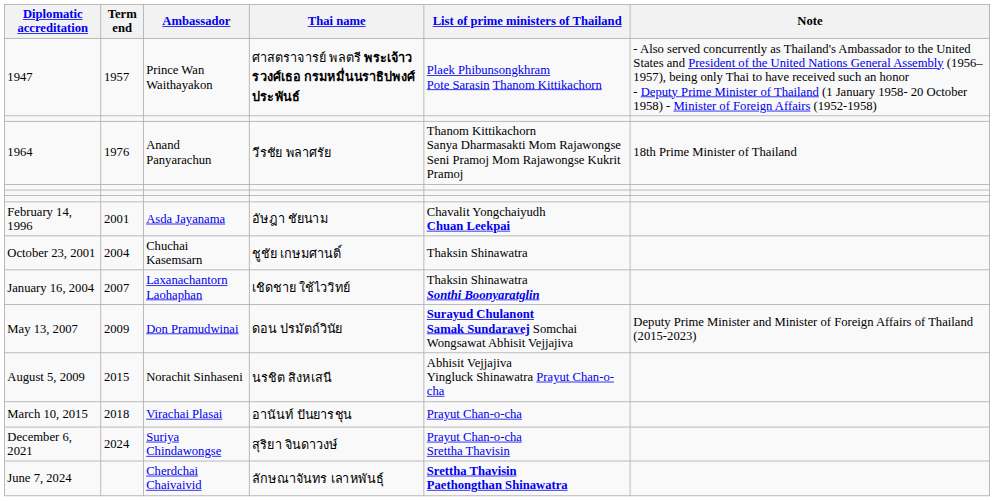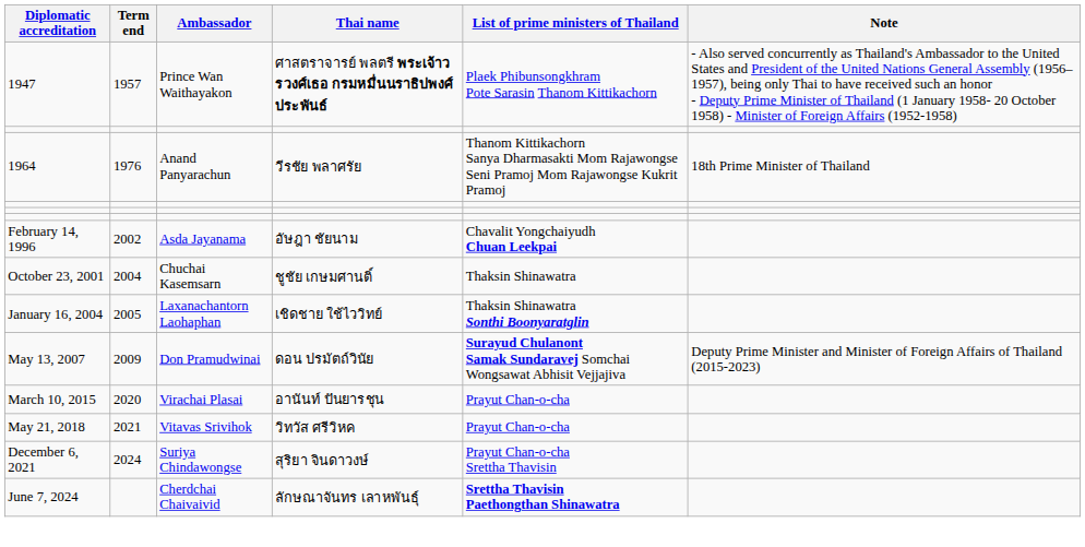 <table class="wikitable sortable">
 <tr>
 <th><a href='#'>Diplomatic accreditation</a></th>
 <th>Term end</th>
 <th><a href='#'>Ambassador</a></th>
 <th><a href='#'>Thai name</a></th>
 <th><a href='#'>List of prime ministers of Thailand</a></th>
 <th>Note</th>
 </tr>
 <tr>
 <td>1947</td>
 <td>1957</td>
 <td>Prince Wan Waithayakon</td>
 <td>ศาสตราจารย์ พลตรี <strong>พระเจ้าวรวงศ์เธอ กรมหมื่นนราธิปพงศ์ประพันธ์</strong></td>
 <td><a href='#'>Plaek Phibunsongkhram</a><br><a href='#'>Pote Sarasin</a> <a href='#'>Thanom Kittikachorn</a></td>
 <td>- Also served concurrently as Thailand's Ambassador to the United States and <a href='#'>President of the United Nations General Assembly</a>  (1956–1957), being only Thai to have received such an honor<br>- <a href='#'>Deputy Prime Minister of Thailand</a> (1 January 1958- 20 October 1958) - <a href='#'>Minister of Foreign Affairs</a> (1952-1958)</td>
 </tr>
 <tr>
 <td></td>
 <td></td>
 <td></td>
 <td></td>
 <td></td>
 <td></td>
 </tr>
 <tr>
 <td>1964</td>
 <td>1976</td>
 <td>Anand Panyarachun</td>
 <td>วีรชัย พลาศรัย</td>
 <td>Thanom Kittikachorn<br>Sanya Dharmasakti Mom Rajawongse Seni Pramoj Mom Rajawongse Kukrit Pramoj</td>
 <td>18th Prime Minister of Thailand</td>
 </tr>
 <tr>
 <td></td>
 <td></td>
 <td></td>
 <td></td>
 <td></td>
 <td></td>
 </tr>
 <tr>
 <td></td>
 <td></td>
 <td></td>
 <td></td>
 <td></td>
 <td></td>
 </tr>
 <tr>
 <td></td>
 <td></td>
 <td></td>
 <td></td>
 <td></td>
 <td></td>
 </tr>
 <tr>
 <td>February 14, 1996</td>
-<td>2001</td>
+<td>2002</td>
 <td><a href='#'>Asda Jayanama</a></td>
 <td>อัษฎา ชัยนาม</td>
 <td>Chavalit Yongchaiyudh<br><strong><a href='#'>Chuan Leekpai</a></strong></td>
 <td></td>
 </tr>
 <tr>
 <td>October 23, 2001</td>
 <td>2004</td>
 <td>Chuchai Kasemsarn</td>
 <td>ชูชัย เกษมศานติ์</td>
 <td>Thaksin Shinawatra</td>
 <td></td>
 </tr>
 <tr>
 <td>January 16, 2004</td>
-<td>2007</td>
+<td>2005</td>
 <td><a href='#'>Laxanachantorn Laohaphan</a></td>
 <td>เชิดชาย ใช้ไววิทย์</td>
 <td>Thaksin Shinawatra<br><strong><em><a href='#'>Sonthi Boonyaratglin</a></em></strong></td>
 <td></td>
 </tr>
 <tr>
 <td>May 13, 2007</td>
 <td>2009</td>
 <td><a href='#'>Don Pramudwinai</a></td>
 <td>ดอน ปรมัตถ์วินัย</td>
 <td><strong><a href='#'>Surayud Chulanont</a></strong><br><strong><a href='#'>Samak Sundaravej</a></strong> Somchai Wongsawat Abhisit Vejjajiva</td>
 <td>Deputy Prime Minister and Minister of Foreign Affairs of Thailand (2015-2023)</td>
 </tr>
 <tr>
-<td>August 5, 2009</td>
-<td>2015</td>
-<td>Norachit Sinhaseni</td>
-<td>นรชิต สิงหเสนี</td>
-<td>Abhisit Vejjajiva<br>Yingluck Shinawatra <a href='#'>Prayut Chan-o-cha</a></td>
+<td>March 10, 2015</td>
+<td>2020</td>
+<td><a href='#'>Virachai Plasai</a></td>
+<td>อานันท์ ปันยารชุน</td>
+<td><a href='#'>Prayut Chan-o-cha</a></td>
 <td></td>
 </tr>
 <tr>
-<td>March 10, 2015</td>
-<td>2018</td>
-<td><a href='#'>Virachai Plasai</a></td>
-<td>อานันท์ ปันยารชุน</td>
+<td>May 21, 2018</td>
+<td>2021</td>
+<td><a href='#'>Vitavas Srivihok</a></td>
+<td>วิทวัส ศรีวิหค</td>
 <td><a href='#'>Prayut Chan-o-cha</a></td>
 <td></td>
 </tr>
 <tr>
 <td>December 6, 2021</td>
 <td>2024</td>
 <td><a href='#'>Suriya Chindawongse</a></td>
 <td>สุริยา จินดาวงษ์</td>
 <td><a href='#'>Prayut Chan-o-cha</a><br><a href='#'>Srettha Thavisin</a></td>
 <td></td>
 </tr>
 <tr>
 <td>June 7, 2024</td>
 <td></td>
 <td><a href='#'>Cherdchai Chaivaivid</a></td>
 <td>ลักษณาจันทร เลาหพันธุ์</td>
 <td><strong><a href='#'>Srettha Thavisin</a><br><a href='#'>Paethongthan Shinawatra</a></strong></td>
 <td></td>
 </tr>
 </table>
